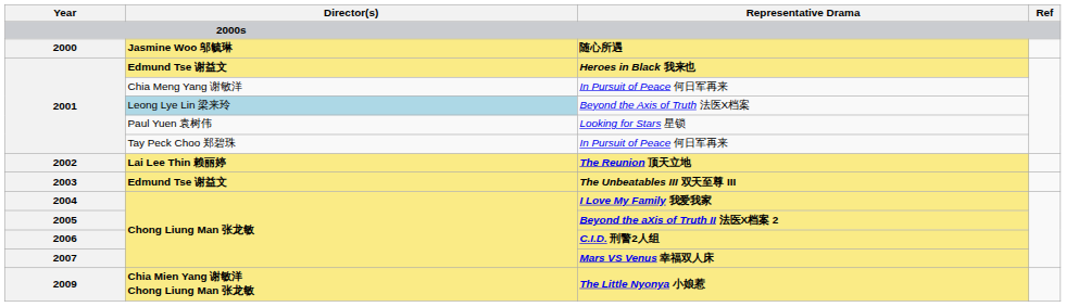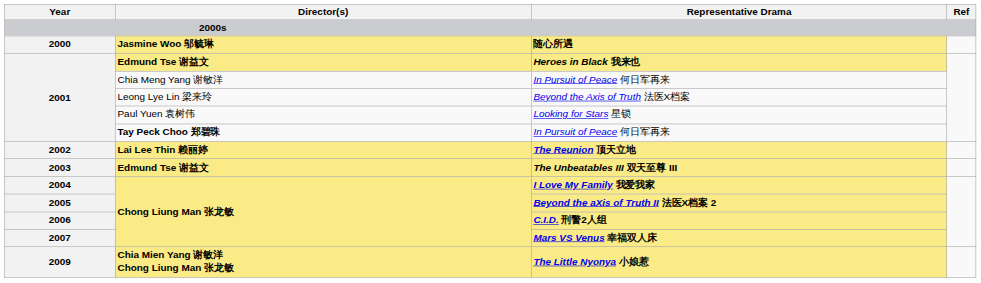 <table class="wikitable sortable">
 <tr>
 <th scope="col" style="width:8%;">Year</th>
 <th scope="col" style="width:30%;">Director(s)</th>
 <th scope="col" style="width:30%;">Representative Drama</th>
 <th scope="col" style="width:2%;" class="unsortable">Ref</th>
 </tr>
 <tr>
 <td colspan="4" data-sort-value="ω" style="background-color:#CACCD0; font-weight:bold; padding-left:20%">2000s</td>
 </tr>
 <tr>
 <th rowspan="1" scope="row" style="text-align:center;">2000</th>
 <td style="background:#FAEB86;"><strong>Jasmine Woo 邬毓琳 </strong></td>
 <td style="background:#FAEB86;"><strong>随心所遇</strong></td>
 <td></td>
 </tr>
 <tr>
 <th rowspan="5" scope="row" style="text-align:center;">2001</th>
 <td style="background:#FAEB86;"><strong>Edmund Tse 谢益文</strong></td>
 <td style="background:#FAEB86;"><strong><em>Heroes in Black</em></strong> <strong> 我来也</strong></td>
 <td rowspan="5"></td>
 </tr>
 <tr>
 <td>Chia Meng Yang 谢敏洋</td>
 <td><em><a href='#'>In Pursuit of Peace</a></em> 何日军再来</td>
 </tr>
 <tr>
-<td style="background: lightblue;">Leong Lye Lin 梁来玲</td>
+<td>Leong Lye Lin 梁来玲</td>
 <td><em><a href='#'>Beyond the Axis of Truth</a></em> 法医X档案</td>
 </tr>
 <tr>
 <td>Paul Yuen 袁树伟</td>
 <td><em><a href='#'>Looking for Stars</a></em> 星锁</td>
 </tr>
 <tr>
-<td>Tay Peck Choo 郑碧珠</td>
+<td><strong>Tay Peck Choo 郑碧珠</strong></td>
 <td><em><a href='#'>In Pursuit of Peace</a></em> 何日军再来</td>
 </tr>
 <tr>
 <th rowspan="1" scope="row" style="text-align:center;">2002</th>
 <td style="background:#FAEB86;"><strong>Lai Lee Thin 赖丽婷 </strong></td>
 <td style="background:#FAEB86;"><strong><em><a href='#'>The Reunion</a></em></strong> <strong>顶天立地</strong></td>
 <td></td>
 </tr>
 <tr>
 <th rowspan="1" scope="row" style="text-align:center;">2003</th>
 <td style="background:#FAEB86;"><strong>Edmund Tse 谢益文 </strong></td>
 <td style="background:#FAEB86;"><strong><em>The Unbeatables III</em></strong> <strong>双天至尊 III</strong></td>
 <td></td>
 </tr>
 <tr>
 <th rowspan="1" scope="row" style="text-align:center;">2004</th>
 <td rowspan="4" style="background:#FAEB86;"><strong>Chong Liung Man 张龙敏</strong></td>
 <td style="background:#FAEB86;"><strong><em><a href='#'>I Love My Family</a></em></strong> <strong>我爱我家</strong></td>
 <td rowspan="4"></td>
 </tr>
 <tr>
 <th rowspan="1" scope="row" style="text-align:center;">2005</th>
 <td style="background:#FAEB86;"><strong><em><a href='#'>Beyond the aXis of Truth II</a></em></strong> <strong>法医X档案 2</strong></td>
 </tr>
 <tr>
 <th rowspan="1" scope="row" style="text-align:center;">2006</th>
 <td style="background:#FAEB86;"><strong><em><a href='#'>C.I.D.</a></em></strong> <strong>刑警2人组</strong></td>
 </tr>
 <tr>
 <th rowspan="1" scope="row" style="text-align:center;">2007</th>
 <td style="background:#FAEB86;"><strong><em><a href='#'>Mars VS Venus</a></em></strong> <strong>幸福双人床</strong></td>
 </tr>
 <tr>
 <th rowspan="1" scope="row" style="text-align:center;">2009</th>
 <td style="background:#FAEB86;"><strong>Chia Mien Yang 谢敏洋 <br> Chong Liung Man 张龙敏</strong></td>
 <td style="background:#FAEB86;"><strong><em><a href='#'>The Little Nyonya</a></em></strong> <strong> 小娘惹</strong></td>
 <td></td>
 </tr>
 </table>
